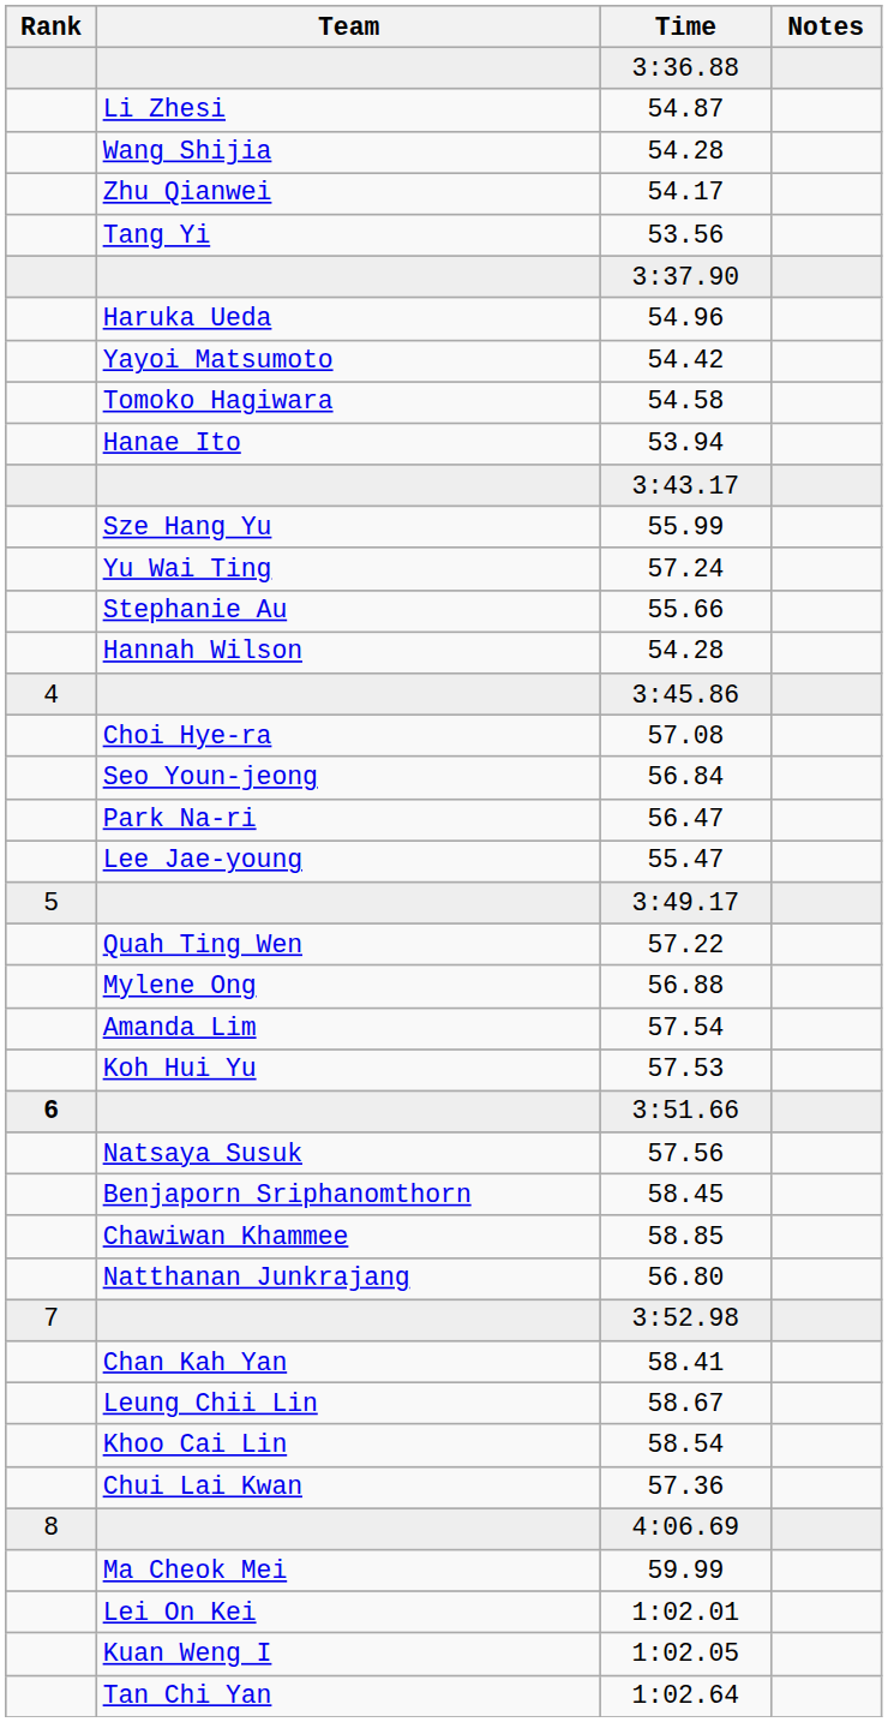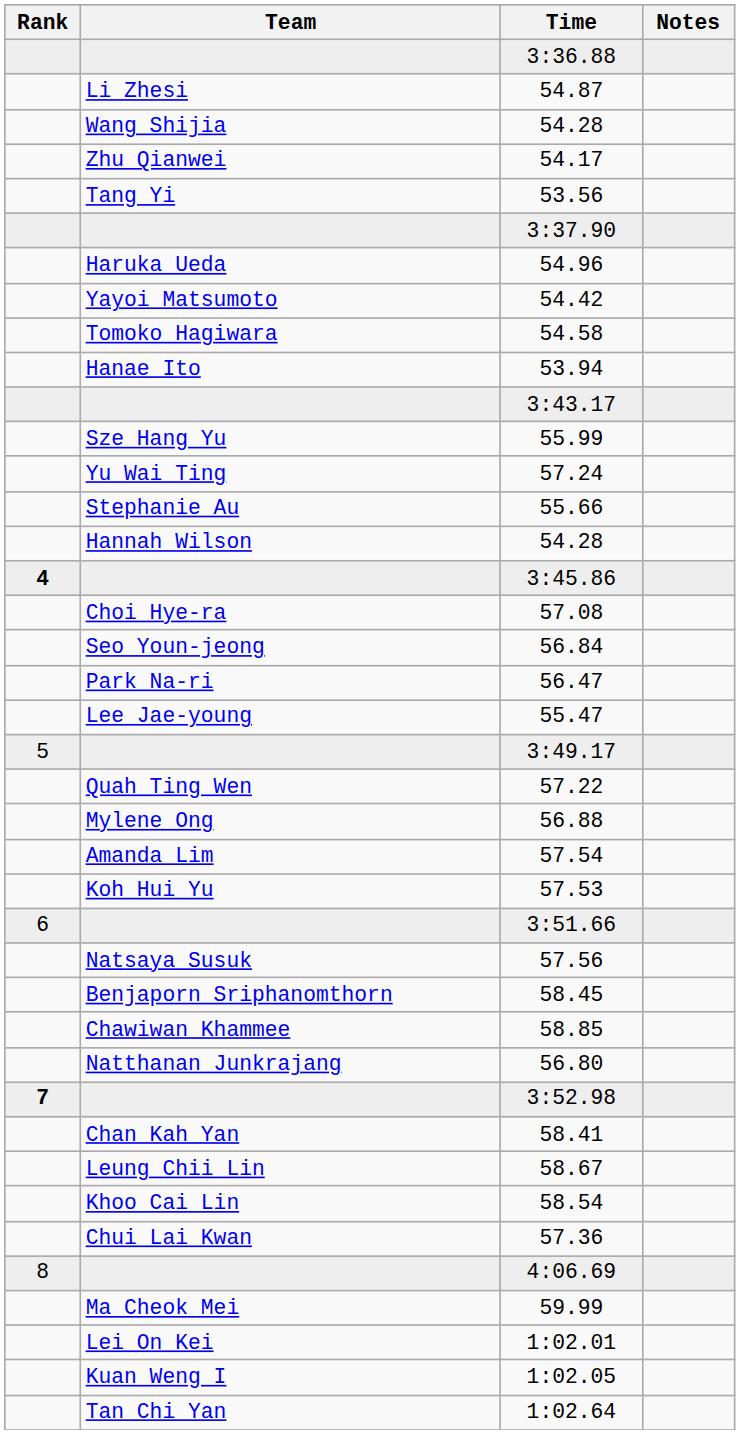 <table class="wikitable" style="text-align:center">
 <tr>
 <th width=40>Rank</th>
 <th width=250>Team</th>
 <th width=80>Time</th>
 <th width=50>Notes</th>
 </tr>
 <tr bgcolor=eeeeee>
 <td></td>
 <td align=left></td>
 <td>3:36.88</td>
 <td></td>
 </tr>
 <tr>
 <td></td>
 <td align=left><a href='#'>Li Zhesi</a></td>
 <td>54.87</td>
 <td></td>
 </tr>
 <tr>
 <td></td>
 <td align=left><a href='#'>Wang Shijia</a></td>
 <td>54.28</td>
 <td></td>
 </tr>
 <tr>
 <td></td>
 <td align=left><a href='#'>Zhu Qianwei</a></td>
 <td>54.17</td>
 <td></td>
 </tr>
 <tr>
 <td></td>
 <td align=left><a href='#'>Tang Yi</a></td>
 <td>53.56</td>
 <td></td>
 </tr>
 <tr bgcolor=eeeeee>
 <td></td>
 <td align=left></td>
 <td>3:37.90</td>
 <td></td>
 </tr>
 <tr>
 <td></td>
 <td align=left><a href='#'>Haruka Ueda</a></td>
 <td>54.96</td>
 <td></td>
 </tr>
 <tr>
 <td></td>
 <td align=left><a href='#'>Yayoi Matsumoto</a></td>
 <td>54.42</td>
 <td></td>
 </tr>
 <tr>
 <td></td>
 <td align=left><a href='#'>Tomoko Hagiwara</a></td>
 <td>54.58</td>
 <td></td>
 </tr>
 <tr>
 <td></td>
 <td align=left><a href='#'>Hanae Ito</a></td>
 <td>53.94</td>
 <td></td>
 </tr>
 <tr bgcolor=eeeeee>
 <td></td>
 <td align=left></td>
 <td>3:43.17</td>
 <td></td>
 </tr>
 <tr>
 <td></td>
 <td align=left><a href='#'>Sze Hang Yu</a></td>
 <td>55.99</td>
 <td></td>
 </tr>
 <tr>
 <td></td>
 <td align=left><a href='#'>Yu Wai Ting</a></td>
 <td>57.24</td>
 <td></td>
 </tr>
 <tr>
 <td></td>
 <td align=left><a href='#'>Stephanie Au</a></td>
 <td>55.66</td>
 <td></td>
 </tr>
 <tr>
 <td></td>
 <td align=left><a href='#'>Hannah Wilson</a></td>
 <td>54.28</td>
 <td></td>
 </tr>
 <tr bgcolor=eeeeee>
-<td>4</td>
+<td><strong>4</strong></td>
 <td align=left></td>
 <td>3:45.86</td>
 <td></td>
 </tr>
 <tr>
 <td></td>
 <td align=left><a href='#'>Choi Hye-ra</a></td>
 <td>57.08</td>
 <td></td>
 </tr>
 <tr>
 <td></td>
 <td align=left><a href='#'>Seo Youn-jeong</a></td>
 <td>56.84</td>
 <td></td>
 </tr>
 <tr>
 <td></td>
 <td align=left><a href='#'>Park Na-ri</a></td>
 <td>56.47</td>
 <td></td>
 </tr>
 <tr>
 <td></td>
 <td align=left><a href='#'>Lee Jae-young</a></td>
 <td>55.47</td>
 <td></td>
 </tr>
 <tr bgcolor=eeeeee>
 <td>5</td>
 <td align=left></td>
 <td>3:49.17</td>
 <td></td>
 </tr>
 <tr>
 <td></td>
 <td align=left><a href='#'>Quah Ting Wen</a></td>
 <td>57.22</td>
 <td></td>
 </tr>
 <tr>
 <td></td>
 <td align=left><a href='#'>Mylene Ong</a></td>
 <td>56.88</td>
 <td></td>
 </tr>
 <tr>
 <td></td>
 <td align=left><a href='#'>Amanda Lim</a></td>
 <td>57.54</td>
 <td></td>
 </tr>
 <tr>
 <td></td>
 <td align=left><a href='#'>Koh Hui Yu</a></td>
 <td>57.53</td>
 <td></td>
 </tr>
 <tr bgcolor=eeeeee>
-<td><strong>6</strong></td>
+<td>6</td>
 <td align=left></td>
 <td>3:51.66</td>
 <td></td>
 </tr>
 <tr>
 <td></td>
 <td align=left><a href='#'>Natsaya Susuk</a></td>
 <td>57.56</td>
 <td></td>
 </tr>
 <tr>
 <td></td>
 <td align=left><a href='#'>Benjaporn Sriphanomthorn</a></td>
 <td>58.45</td>
 <td></td>
 </tr>
 <tr>
 <td></td>
 <td align=left><a href='#'>Chawiwan Khammee</a></td>
 <td>58.85</td>
 <td></td>
 </tr>
 <tr>
 <td></td>
 <td align=left><a href='#'>Natthanan Junkrajang</a></td>
 <td>56.80</td>
 <td></td>
 </tr>
 <tr bgcolor=eeeeee>
-<td>7</td>
+<td><strong>7</strong></td>
 <td align=left></td>
 <td>3:52.98</td>
 <td></td>
 </tr>
 <tr>
 <td></td>
 <td align=left><a href='#'>Chan Kah Yan</a></td>
 <td>58.41</td>
 <td></td>
 </tr>
 <tr>
 <td></td>
 <td align=left><a href='#'>Leung Chii Lin</a></td>
 <td>58.67</td>
 <td></td>
 </tr>
 <tr>
 <td></td>
 <td align=left><a href='#'>Khoo Cai Lin</a></td>
 <td>58.54</td>
 <td></td>
 </tr>
 <tr>
 <td></td>
 <td align=left><a href='#'>Chui Lai Kwan</a></td>
 <td>57.36</td>
 <td></td>
 </tr>
 <tr bgcolor=eeeeee>
 <td>8</td>
 <td align=left></td>
 <td>4:06.69</td>
 <td></td>
 </tr>
 <tr>
 <td></td>
 <td align=left><a href='#'>Ma Cheok Mei</a></td>
 <td>59.99</td>
 <td></td>
 </tr>
 <tr>
 <td></td>
 <td align=left><a href='#'>Lei On Kei</a></td>
 <td>1:02.01</td>
 <td></td>
 </tr>
 <tr>
 <td></td>
 <td align=left><a href='#'>Kuan Weng I</a></td>
 <td>1:02.05</td>
 <td></td>
 </tr>
 <tr>
 <td></td>
 <td align=left><a href='#'>Tan Chi Yan</a></td>
 <td>1:02.64</td>
 <td></td>
 </tr>
 </table>
